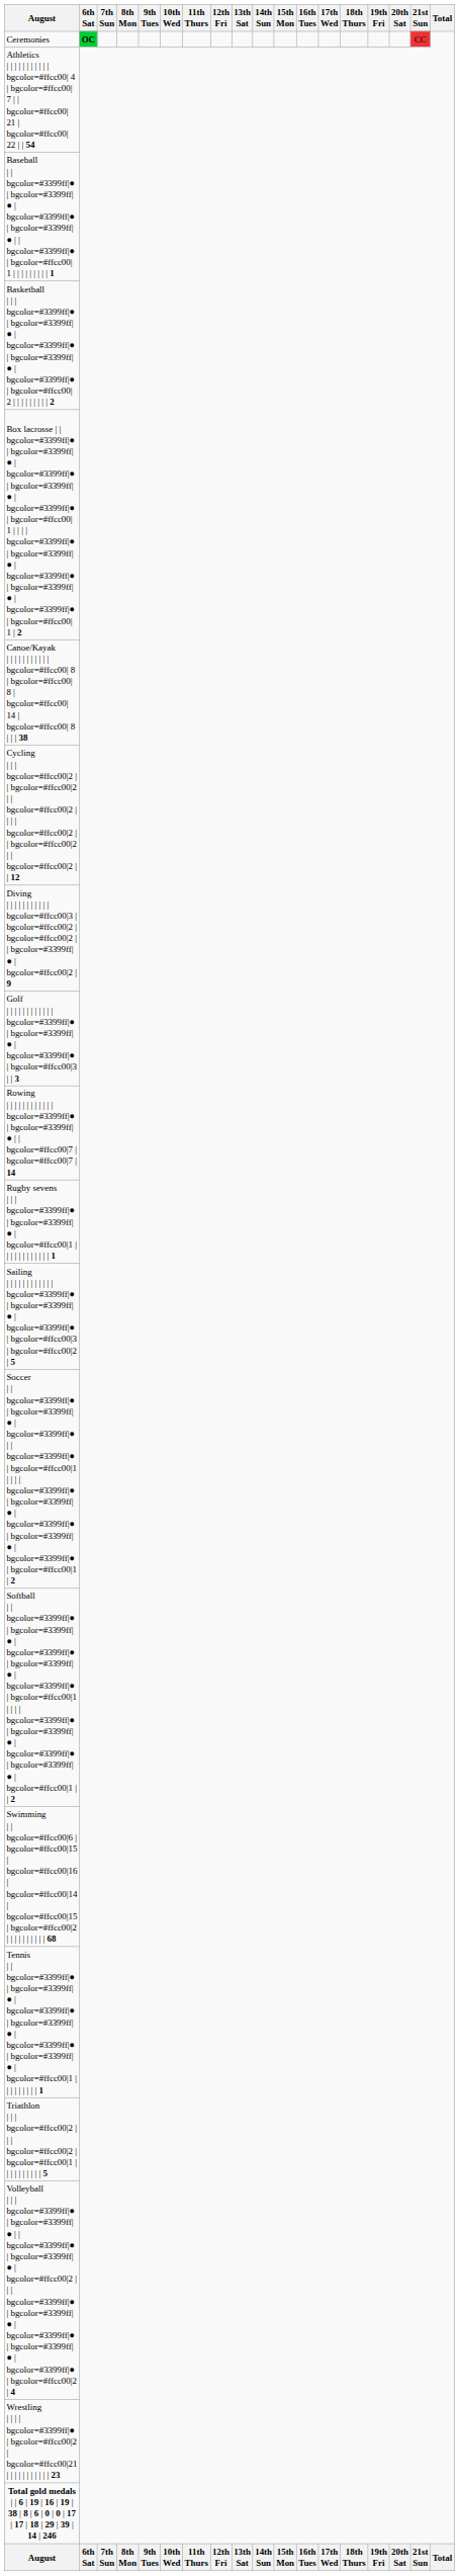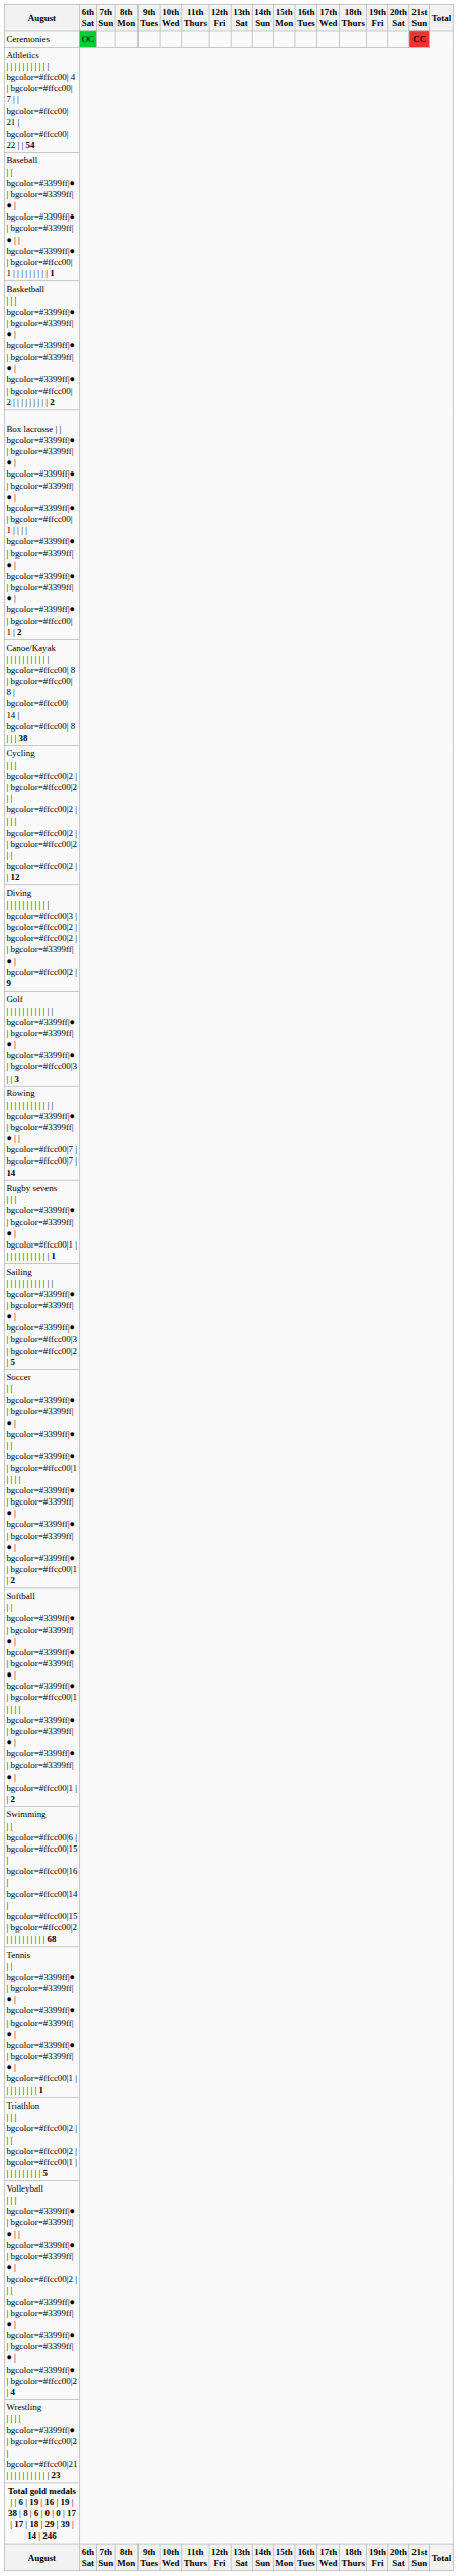 <table class="wikitable"  style="margin:0.5em auto; font-size:90%; line-height:1.25em; width:75%;">
 <tr>
 <th colspan=2>August</th>
 <th>6th<br>Sat</th>
 <th>7th<br>Sun</th>
 <th>8th<br>Mon</th>
 <th>9th<br>Tues</th>
 <th>10th<br>Wed</th>
 <th>11th <br> Thurs</th>
 <th>12th<br>Fri</th>
 <th>13th<br>Sat</th>
 <th>14th<br>Sun</th>
 <th>15th<br>Mon</th>
 <th>16th<br>Tues</th>
 <th>17th<br>Wed</th>
 <th>18th<br>Thurs</th>
 <th>19th<br>Fri</th>
 <th>20th<br>Sat</th>
 <th>21st<br>Sun</th>
 <th>Total</th>
 </tr>
 <tr>
 <td colspan=2>Ceremonies</td>
-<td style="background:#0c3; text-align:center;"><strong>OC</strong></td>
+<td style="background:#0c3; text-align:center;">OC</td>
 <td></td>
 <td></td>
 <td></td>
 <td></td>
 <td></td>
 <td></td>
 <td></td>
 <td></td>
 <td></td>
 <td></td>
 <td></td>
 <td></td>
 <td></td>
 <td></td>
-<td style="background:#e33; text-align:center;">CC</td>
+<td style="background:#e33; text-align:center;"><strong>CC</strong></td>
 </tr>
 <tr style="text-align:center;">
 <td colspan="2" style="text-align:left;"> Athletics<br>|  |  |  |  |  |  |  |  |  |  | bgcolor=#ffcc00| 4 | bgcolor=#ffcc00| 7 |  | bgcolor=#ffcc00| 21 | bgcolor=#ffcc00| 22 |      | <strong>54</strong></td>
 </tr>
 <tr style="text-align:center;">
 <td colspan="2" style="text-align:left;"> Baseball<br>|  | bgcolor=#3399ff|● | bgcolor=#3399ff|● | bgcolor=#3399ff|● | bgcolor=#3399ff|● |  | bgcolor=#3399ff|● | bgcolor=#ffcc00| 1 |  |  |  |  |  |  |  |       | <strong>1</strong></td>
 </tr>
 <tr style="text-align:center;">
 <td colspan="2" style="text-align:left;"> Basketball<br>|  |  | bgcolor=#3399ff|● | bgcolor=#3399ff|● | bgcolor=#3399ff|● | bgcolor=#3399ff|● | bgcolor=#3399ff|● | bgcolor=#ffcc00| 2 |  |  |  |  |  |  |  |   | <strong>2</strong></td>
 </tr>
 <tr style="text-align:center;">
 <td colspan="2" style="text-align:left;"><br> Box lacrosse |  | bgcolor=#3399ff|● | bgcolor=#3399ff|● | bgcolor=#3399ff|● | bgcolor=#3399ff|● | bgcolor=#3399ff|● | bgcolor=#ffcc00| 1 |  |  |  | bgcolor=#3399ff|● | bgcolor=#3399ff|● | bgcolor=#3399ff|● | bgcolor=#3399ff|● | bgcolor=#3399ff|● | bgcolor=#ffcc00| 1 | <strong>2</strong></td>
 </tr>
 <tr style="text-align:center;">
 <td colspan="2" style="text-align:left;"> Canoe/Kayak<br>|  |  |  |  |  |  |  |  |  |  | bgcolor=#ffcc00| 8 | bgcolor=#ffcc00| 8 | bgcolor=#ffcc00| 14 | bgcolor=#ffcc00| 8 |  |    | <strong>38</strong></td>
 </tr>
 <tr style="text-align:center;">
 <td colspan="2" style="text-align:left;"> Cycling<br>|  |  | bgcolor=#ffcc00|2 |  | bgcolor=#ffcc00|2 |  | bgcolor=#ffcc00|2 |  |  |  | bgcolor=#ffcc00|2 |  | bgcolor=#ffcc00|2 |  | bgcolor=#ffcc00|2 |   | <strong>12</strong></td>
 </tr>
 <tr style="text-align:center;">
 <td colspan="2" style="text-align:left;"> Diving<br>|  |  |  |  |  |  |  |  |  |  | bgcolor=#ffcc00|3 | bgcolor=#ffcc00|2 | bgcolor=#ffcc00|2 |  | bgcolor=#3399ff|● |  bgcolor=#ffcc00|2 | <strong>9</strong></td>
 </tr>
 <tr style="text-align:center;">
 <td colspan="2" style="text-align:left;"> Golf<br>|  |  |  |  |  |  |  |  |  |  |  | bgcolor=#3399ff|● | bgcolor=#3399ff|● | bgcolor=#3399ff|● | bgcolor=#ffcc00|3 |  | <strong>3</strong></td>
 </tr>
 <tr style="text-align:center;">
 <td colspan="2" style="text-align:left;"> Rowing<br>|  |  |  |  |  |  |  |  |  |  |  | bgcolor=#3399ff|● | bgcolor=#3399ff|● |  | bgcolor=#ffcc00|7 | bgcolor=#ffcc00|7 | <strong>14</strong></td>
 </tr>
 <tr style="text-align:center;">
 <td colspan="2" style="text-align:left;"> Rugby sevens<br>|  |  | bgcolor=#3399ff|● | bgcolor=#3399ff|● | bgcolor=#ffcc00|1 |  |  |  |  |  |  |  |  |  |  |  | <strong>1</strong></td>
 </tr>
 <tr style="text-align:center;">
 <td colspan="2" style="text-align:left;"> Sailing<br>|  |  |  |  |  |  |  |  |  |  |  | bgcolor=#3399ff|● | bgcolor=#3399ff|● | bgcolor=#3399ff|● | bgcolor=#ffcc00|3 | bgcolor=#ffcc00|2     | <strong>5</strong></td>
 </tr>
 <tr style="text-align:center;">
 <td colspan="2" style="text-align:left;"> Soccer<br>|  | bgcolor=#3399ff|● | bgcolor=#3399ff|● | bgcolor=#3399ff|● |  | bgcolor=#3399ff|● | bgcolor=#ffcc00|1 |  |  |  | bgcolor=#3399ff|● | bgcolor=#3399ff|● | bgcolor=#3399ff|● | bgcolor=#3399ff|● | bgcolor=#3399ff|● | bgcolor=#ffcc00|1 | <strong>2</strong></td>
 </tr>
 <tr style="text-align:center;">
 <td colspan="2" style="text-align:left;"> Softball<br>|  | bgcolor=#3399ff|● | bgcolor=#3399ff|● | bgcolor=#3399ff|● | bgcolor=#3399ff|● | bgcolor=#3399ff|● | bgcolor=#ffcc00|1 |  |  |  | bgcolor=#3399ff|● | bgcolor=#3399ff|● | bgcolor=#3399ff|● | bgcolor=#3399ff|● | bgcolor=#ffcc00|1 |    | <strong>2</strong></td>
 </tr>
 <tr style="text-align:center;">
 <td colspan="2" style="text-align:left;"> Swimming<br>|  | bgcolor=#ffcc00|6 | bgcolor=#ffcc00|15 | bgcolor=#ffcc00|16 | bgcolor=#ffcc00|14 | bgcolor=#ffcc00|15 | bgcolor=#ffcc00|2 |  |  |  |  |  |  |  |  |       | <strong>68</strong></td>
 </tr>
 <tr style="text-align:center;">
 <td colspan="2" style="text-align:left;"> Tennis<br>|  | bgcolor=#3399ff|● | bgcolor=#3399ff|● | bgcolor=#3399ff|● | bgcolor=#3399ff|● | bgcolor=#3399ff|● | bgcolor=#3399ff|● | bgcolor=#ffcc00|1 |  |  |  |  |  |  |  |       | <strong>1</strong></td>
 </tr>
 <tr style="text-align:center;">
 <td colspan="2" style="text-align:left;"> Triathlon<br>|  |  | bgcolor=#ffcc00|2 |  |  | bgcolor=#ffcc00|2 | bgcolor=#ffcc00|1 |  |  |  |  |  |  |  |  |         | <strong>5</strong></td>
 </tr>
 <tr style="text-align:center;">
 <td colspan="2" style="text-align:left;"> Volleyball<br>|  |  | bgcolor=#3399ff|● | bgcolor=#3399ff|● |  | bgcolor=#3399ff|● | bgcolor=#3399ff|● | bgcolor=#ffcc00|2 |  |  | bgcolor=#3399ff|● | bgcolor=#3399ff|● | bgcolor=#3399ff|● | bgcolor=#3399ff|● | bgcolor=#3399ff|● |  bgcolor=#ffcc00|2     | <strong>4</strong></td>
 </tr>
 <tr style="text-align:center;">
 <td colspan="2" style="text-align:left;"> Wrestling<br>|  |  |  | bgcolor=#3399ff|● | bgcolor=#ffcc00|2   | bgcolor=#ffcc00|21   |  |  |  |  |  |  |  |  |  |        | <strong>23</strong></td>
 </tr>
 <tr style="text-align:center;">
 <td colspan=2><strong>Total gold medals</strong><br>|  | <strong>6</strong> | <strong>19</strong> | <strong>16</strong> | <strong>19</strong> | <strong>38</strong> | <strong>8</strong> | <strong>6</strong> | <strong>0</strong> | <strong>0</strong> | <strong>17</strong> | <strong>17</strong> | <strong>18</strong> | <strong>29</strong> | <strong>39</strong> |  <strong>14</strong>  |  <strong>246</strong></td>
 </tr>
 <tr>
 <th colspan=2>August</th>
 <th>6th<br>Sat</th>
 <th>7th<br>Sun</th>
 <th>8th<br>Mon</th>
 <th>9th<br>Tues</th>
 <th>10th<br>Wed</th>
 <th>11th <br> Thurs</th>
 <th>12th<br>Fri</th>
 <th>13th<br>Sat</th>
 <th>14th<br>Sun</th>
 <th>15th<br>Mon</th>
 <th>16th<br>Tues</th>
 <th>17th<br>Wed</th>
 <th>18th<br>Thurs</th>
 <th>19th<br>Fri</th>
 <th>20th<br>Sat</th>
 <th>21st<br>Sun</th>
 <th>Total</th>
 </tr>
 </table>
